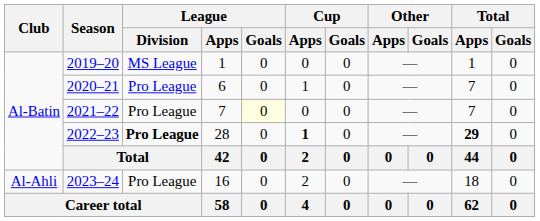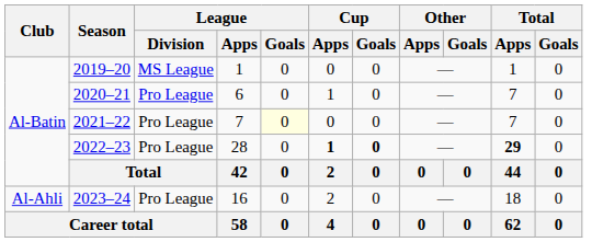 <table class="wikitable" style="text-align:center">
 <tr>
 <th rowspan="2">Club</th>
 <th rowspan="2">Season</th>
 <th colspan="3">League</th>
 <th colspan="2">Cup</th>
 <th colspan="2">Other</th>
 <th colspan="2">Total</th>
 </tr>
 <tr>
 <th>Division</th>
 <th>Apps</th>
 <th>Goals</th>
 <th>Apps</th>
 <th>Goals</th>
 <th>Apps</th>
 <th>Goals</th>
 <th>Apps</th>
 <th>Goals</th>
 </tr>
 <tr>
 <td rowspan="5"><a href='#'>Al-Batin</a></td>
 <td><a href='#'>2019–20</a></td>
 <td><a href='#'>MS League</a></td>
 <td>1</td>
 <td>0</td>
 <td>0</td>
 <td>0</td>
 <td colspan="2">—</td>
 <td>1</td>
 <td>0</td>
 </tr>
 <tr>
 <td><a href='#'>2020–21</a></td>
 <td><a href='#'>Pro League</a></td>
 <td>6</td>
 <td>0</td>
 <td>1</td>
 <td>0</td>
 <td colspan="2">—</td>
 <td>7</td>
 <td>0</td>
 </tr>
 <tr>
 <td><a href='#'>2021–22</a></td>
 <td>Pro League</td>
 <td>7</td>
 <td style="background: lightyellow;">0</td>
 <td>0</td>
 <td>0</td>
 <td colspan="2">—</td>
 <td>7</td>
 <td>0</td>
 </tr>
 <tr>
 <td><a href='#'>2022–23</a></td>
-<td><strong>Pro League</strong></td>
+<td>Pro League</td>
 <td>28</td>
 <td>0</td>
 <td><strong>1</strong></td>
-<td>0</td>
+<td><strong>0</strong></td>
 <td colspan="2">—</td>
 <td><strong>29</strong></td>
 <td>0</td>
 </tr>
 <tr>
 <th colspan="2">Total</th>
 <th>42</th>
 <th>0</th>
 <th>2</th>
 <th>0</th>
 <th>0</th>
 <th>0</th>
 <th>44</th>
 <th>0</th>
 </tr>
 <tr>
 <td rowspan="1"><a href='#'>Al-Ahli</a></td>
 <td><a href='#'>2023–24</a></td>
 <td>Pro League</td>
 <td>16</td>
 <td>0</td>
 <td>2</td>
 <td>0</td>
 <td colspan="2">—</td>
 <td>18</td>
 <td>0</td>
 </tr>
 <tr>
 <th colspan="3">Career total</th>
 <th>58</th>
 <th>0</th>
 <th>4</th>
 <th>0</th>
 <th>0</th>
 <th>0</th>
 <th>62</th>
 <th>0</th>
 </tr>
 </table>
